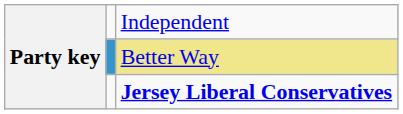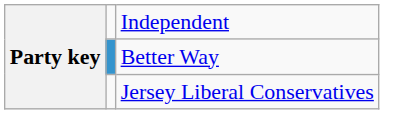 <table class=wikitable>
 <tr>
 <th rowspan="23">Party key</th>
 <td style="background:"></td>
 <td><a href='#'>Independent</a></td>
 </tr>
 <tr>
 <td style="background:#3494CD"></td>
-<td style="background: khaki;"><a href='#'>Better Way</a></td>
+<td><a href='#'>Better Way</a></td>
 </tr>
 <tr>
 <td style="background:"></td>
-<td><strong><a href='#'>Jersey Liberal Conservatives</a></strong></td>
+<td><a href='#'>Jersey Liberal Conservatives</a></td>
 </tr>
 </table>
